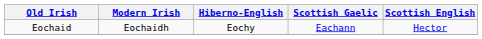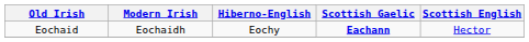 <table class="wikitable" style="text-align:right">
 <tr>
 <th width=20%><a href='#'>Old Irish</a></th>
 <th width=20%><a href='#'>Modern Irish</a></th>
 <th width=20%><a href='#'>Hiberno-English</a></th>
 <th width=20%><a href='#'>Scottish Gaelic</a></th>
 <th width=20%><a href='#'>Scottish English</a></th>
 </tr>
 <tr>
 <td align="center">Eochaid</td>
 <td align="center">Eochaidh</td>
 <td align="center">Eochy</td>
-<td align="center"><a href='#'>Eachann</a></td>
+<td align="center"><strong><a href='#'>Eachann</a></strong></td>
 <td align="center"><a href='#'>Hector</a></td>
 </tr>
 <tr>
 </tr>
 </table>
